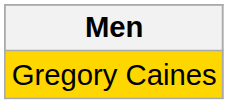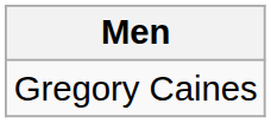 <table class="wikitable">
 <tr>
 <th>Men</th>
 </tr>
 <tr>
-<td style="background: gold;">Gregory Caines</td>
+<td>Gregory Caines</td>
 </tr>
 </table>
